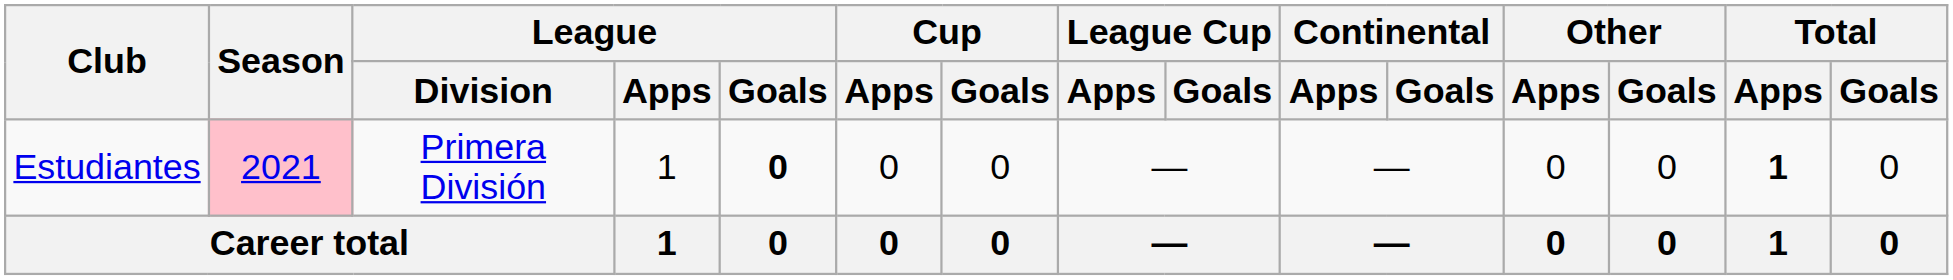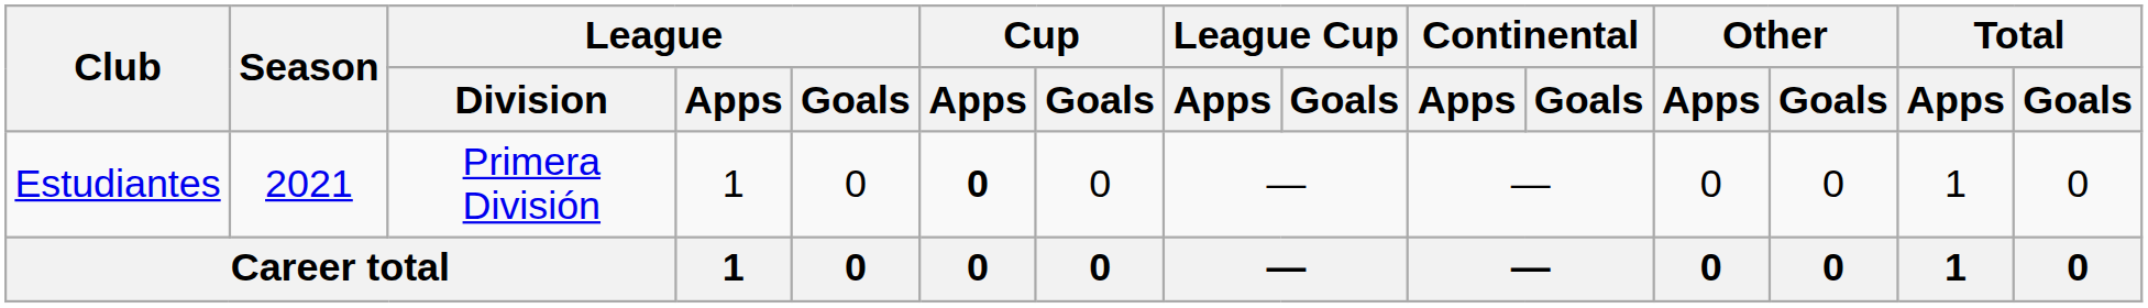 <table class="wikitable" style="text-align:center">
 <tr>
 <th rowspan="2">Club</th>
 <th rowspan="2">Season</th>
 <th colspan="3">League</th>
 <th colspan="2">Cup</th>
 <th colspan="2">League Cup</th>
 <th colspan="2">Continental</th>
 <th colspan="2">Other</th>
 <th colspan="2">Total</th>
 </tr>
 <tr>
 <th>Division</th>
 <th>Apps</th>
 <th>Goals</th>
 <th>Apps</th>
 <th>Goals</th>
 <th>Apps</th>
 <th>Goals</th>
 <th>Apps</th>
 <th>Goals</th>
 <th>Apps</th>
 <th>Goals</th>
 <th>Apps</th>
 <th>Goals</th>
 </tr>
 <tr>
 <td rowspan="1"><a href='#'>Estudiantes</a></td>
-<td style="background: pink;"><a href='#'>2021</a></td>
+<td><a href='#'>2021</a></td>
 <td rowspan="1"><a href='#'>Primera División</a></td>
 <td>1</td>
+<td>0</td>
 <td><strong>0</strong></td>
-<td>0</td>
 <td>0</td>
 <td colspan="2">—</td>
 <td colspan="2">—</td>
 <td>0</td>
 <td>0</td>
-<td><strong>1</strong></td>
+<td>1</td>
 <td>0</td>
 </tr>
 <tr>
 <th colspan="3">Career total</th>
 <th>1</th>
 <th>0</th>
 <th>0</th>
 <th>0</th>
 <th colspan="2">—</th>
 <th colspan="2">—</th>
 <th>0</th>
 <th>0</th>
 <th>1</th>
 <th>0</th>
 </tr>
 </table>
